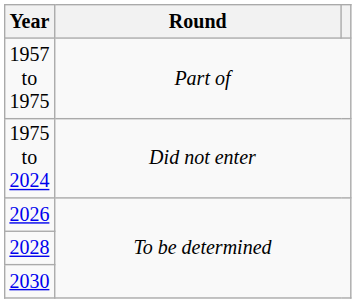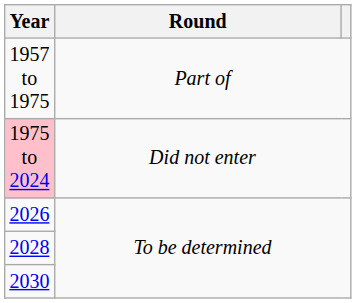 <table class="wikitable" style="text-align: center; font-size:90%">
 <tr>
 <th>Year</th>
 <th style="width:200px">Round</th>
 <th></th>
 </tr>
 <tr>
 <td>1957<br>to<br>1975</td>
 <td colspan="2"><em>Part of </em></td>
 </tr>
 <tr>
-<td>1975<br>to<br><a href='#'>2024</a></td>
+<td style="background: pink;">1975<br>to<br><a href='#'>2024</a></td>
 <td colspan="2"><em>Did not enter</em></td>
 </tr>
 <tr>
 <td><a href='#'>2026</a></td>
 <td colspan="2" rowspan="3"><em>To be determined</em></td>
 </tr>
 <tr>
 <td><a href='#'>2028</a></td>
 </tr>
 <tr>
 <td><a href='#'>2030</a></td>
 </tr>
 </table>
